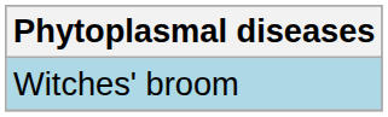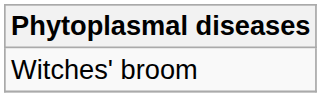 <table class="wikitable" style="clear">
 <tr>
 <th colspan=2><strong>Phytoplasmal diseases</strong><br></th>
 </tr>
 <tr>
-<td style="background: lightblue;">Witches' broom</td>
+<td>Witches' broom</td>
 </tr>
 <tr>
 </tr>
 </table>
